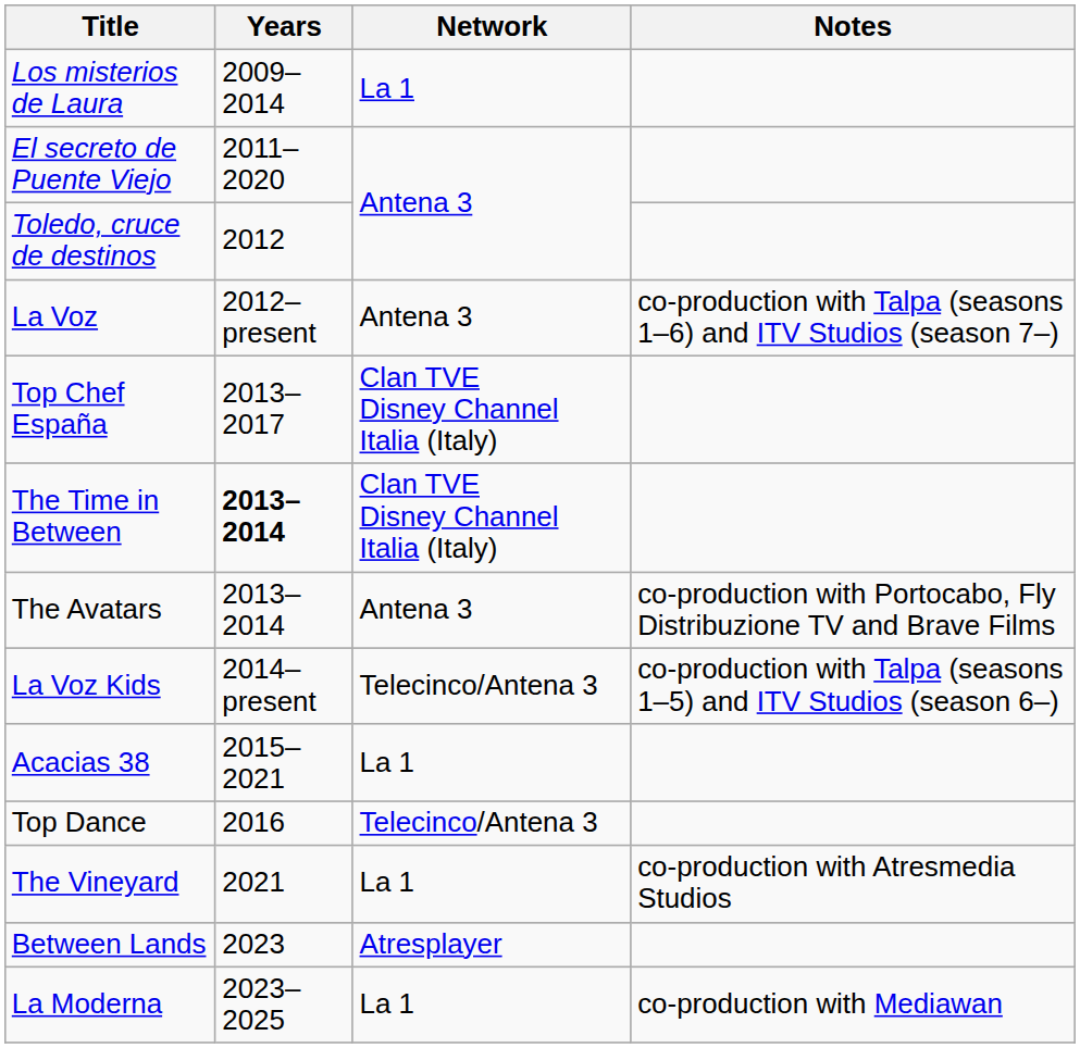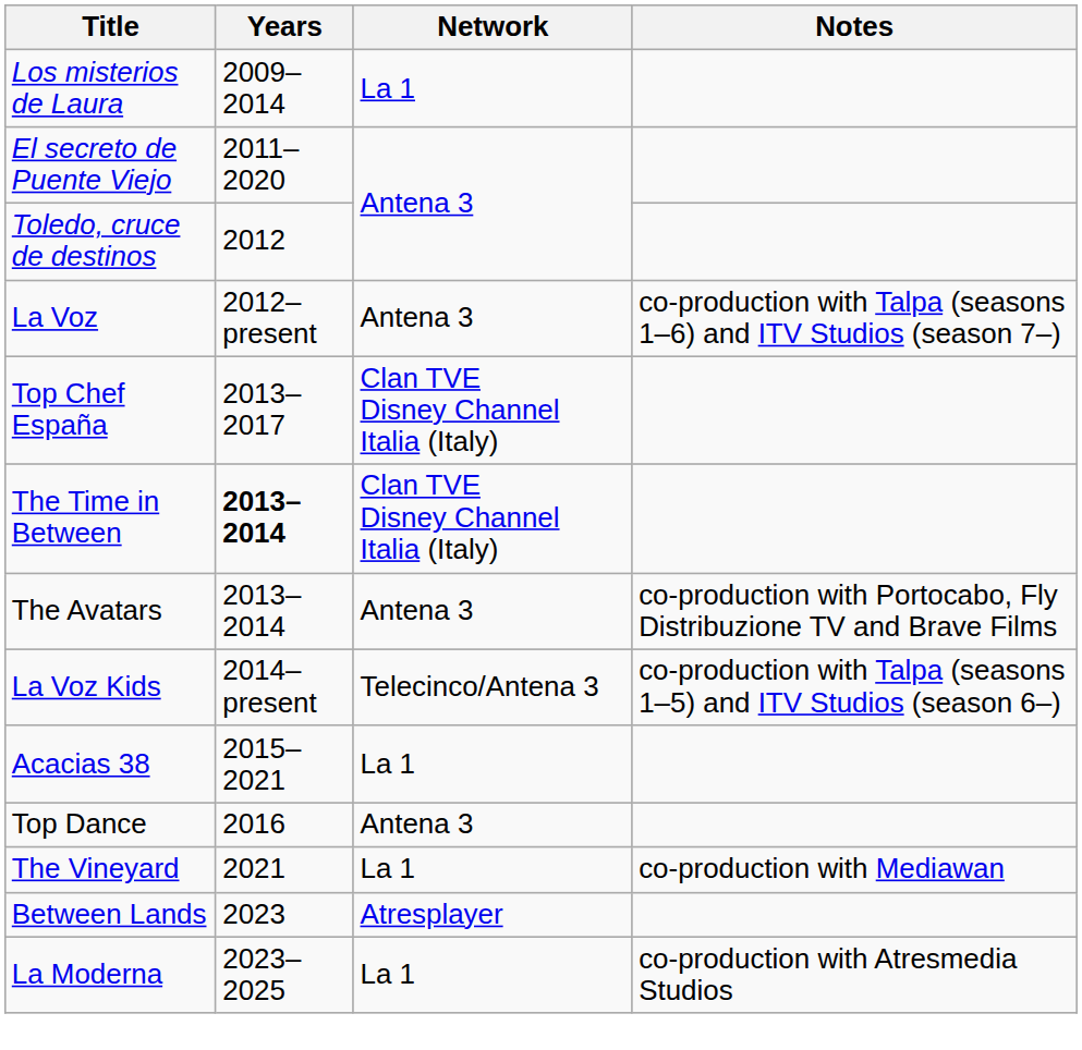 <table class="wikitable sortable">
 <tr>
 <th>Title</th>
 <th>Years</th>
 <th>Network</th>
 <th>Notes</th>
 </tr>
 <tr>
 <td><em><a href='#'>Los misterios de Laura</a></em></td>
 <td>2009–2014</td>
 <td><a href='#'>La 1</a></td>
 <td></td>
 </tr>
 <tr>
 <td><em><a href='#'>El secreto de Puente Viejo</a></em></td>
 <td>2011–2020</td>
 <td rowspan="2"><a href='#'>Antena 3</a></td>
 <td></td>
 </tr>
 <tr>
 <td><em><a href='#'>Toledo, cruce de destinos</a></td>
 <td>2012</td>
 <td></td>
 </tr>
 <tr>
 <td></em><a href='#'>La Voz</a><em></td>
 <td>2012–present</td>
 <td>Antena 3</td>
 <td>co-production with <a href='#'>Talpa</a> (seasons 1–6) and <a href='#'>ITV Studios</a> (season 7–)</td>
 </tr>
 <tr>
 <td></em><a href='#'>Top Chef España</a><em></td>
 <td>2013–2017</td>
 <td><a href='#'>Clan TVE</a><br><a href='#'>Disney Channel Italia</a> (Italy)</td>
 <td></td>
 </tr>
 <tr>
 <td></em><a href='#'>The Time in Between</a><em></td>
 <td><strong>2013–2014</strong></td>
 <td><a href='#'>Clan TVE</a><br><a href='#'>Disney Channel Italia</a> (Italy)</td>
 <td></td>
 </tr>
 <tr>
 <td></em>The Avatars<em></td>
 <td>2013–2014</td>
 <td>Antena 3</td>
 <td>co-production with Portocabo, Fly Distribuzione TV and Brave Films</td>
 </tr>
 <tr>
 <td></em><a href='#'>La Voz Kids</a><em></td>
 <td>2014–present</td>
 <td>Telecinco/Antena 3</td>
 <td>co-production with <a href='#'>Talpa</a> (seasons 1–5) and <a href='#'>ITV Studios</a> (season 6–)</td>
 </tr>
 <tr>
 <td></em><a href='#'>Acacias 38</a><em></td>
 <td>2015–2021</td>
 <td>La 1</td>
 <td></td>
 </tr>
 <tr>
 <td></em>Top Dance<em></td>
 <td>2016</td>
-<td><a href='#'>Telecinco</a>/Antena 3</td>
+<td>Antena 3</td>
 <td></td>
 </tr>
 <tr>
 <td></em><a href='#'>The Vineyard</a><em></td>
 <td>2021</td>
 <td>La 1</td>
-<td>co-production with Atresmedia Studios</td>
+<td>co-production with <a href='#'>Mediawan</a></td>
 </tr>
 <tr>
 <td></em><a href='#'>Between Lands</a><em></td>
 <td>2023</td>
 <td><a href='#'>Atresplayer</a></td>
 <td></td>
 </tr>
 <tr>
 <td></em><a href='#'>La Moderna</a><em></td>
 <td>2023–2025</td>
 <td>La 1</td>
-<td>co-production with <a href='#'>Mediawan</a></td>
+<td>co-production with Atresmedia Studios</td>
 </tr>
 </table>
